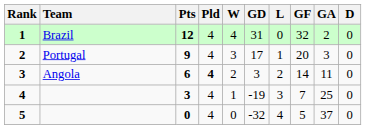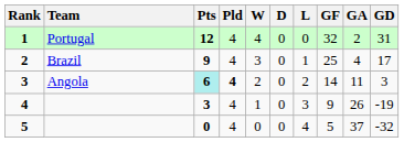 <table class="wikitable" style="text-align: center;">
 <tr>
 <th width=30>Rank</th>
 <th width=165 style="text-align:left;">Team</th>
 <th width=20>Pts</th>
 <th width=20>Pld</th>
 <th width=20>W</th>
-<th width=20>GD</th>
+<th width=20>D</th>
 <th width=20>L</th>
 <th width=20>GF</th>
 <th width=20>GA</th>
-<th width=20>D</th>
+<th width=20>GD</th>
 </tr>
 <tr style="background:#ccffcc;">
 <td><strong>1</strong></td>
-<td style="text-align:left;"> <a href='#'>Brazil</a></td>
+<td style="text-align:left;"> <a href='#'>Portugal</a></td>
 <td><strong>12</strong></td>
 <td>4</td>
 <td>4</td>
-<td>31</td>
+<td>0</td>
 <td>0</td>
 <td>32</td>
 <td>2</td>
-<td>0</td>
+<td>31</td>
 </tr>
 <tr>
 <td><strong>2</strong></td>
-<td style="text-align:left;"> <a href='#'>Portugal</a></td>
+<td style="text-align:left;"> <a href='#'>Brazil</a></td>
 <td><strong>9</strong></td>
 <td>4</td>
 <td>3</td>
+<td>0</td>
+<td>1</td>
+<td>25</td>
+<td>4</td>
 <td>17</td>
-<td>1</td>
-<td>20</td>
-<td>3</td>
-<td>0</td>
 </tr>
 <tr>
 <td><strong>3</strong></td>
 <td style="text-align:left;"> <a href='#'>Angola</a></td>
-<td><strong>6</strong></td>
+<td style="background: paleturquoise;"><strong>6</strong></td>
 <td><strong>4</strong></td>
 <td>2</td>
-<td>3</td>
+<td>0</td>
 <td>2</td>
 <td>14</td>
 <td>11</td>
-<td>0</td>
+<td>3</td>
 </tr>
 <tr>
 <td><strong>4</strong></td>
 <td style="text-align:left;"></td>
 <td><strong>3</strong></td>
 <td>4</td>
 <td>1</td>
+<td>0</td>
+<td>3</td>
+<td>9</td>
+<td>26</td>
 <td>-19</td>
-<td>3</td>
-<td>7</td>
-<td>25</td>
-<td>0</td>
 </tr>
 <tr>
 <td><strong>5</strong></td>
 <td style="text-align:left;"></td>
 <td><strong>0</strong></td>
 <td>4</td>
 <td>0</td>
-<td>-32</td>
+<td>0</td>
 <td>4</td>
 <td>5</td>
 <td>37</td>
-<td>0</td>
+<td>-32</td>
 </tr>
 </table>
